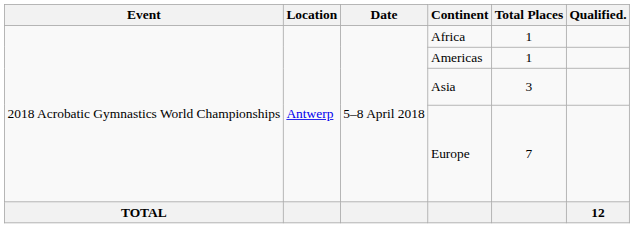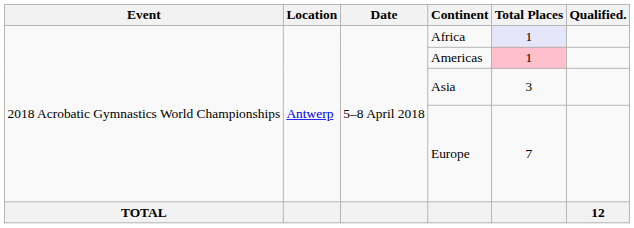 <table class="wikitable">
 <tr>
 <th>Event</th>
 <th>Location</th>
 <th>Date</th>
 <th>Continent</th>
 <th>Total Places</th>
 <th>Qualified.</th>
 </tr>
 <tr>
 <td rowspan=4>2018 Acrobatic Gymnastics World Championships</td>
 <td rowspan=4> <a href='#'>Antwerp</a></td>
 <td rowspan=4>5–8 April 2018</td>
 <td>Africa</td>
-<td align="center">1</td>
+<td align="center" style="background: lavender;">1</td>
 <td></td>
 </tr>
 <tr>
 <td>Americas</td>
-<td align="center">1</td>
+<td align="center" style="background: pink;">1</td>
 <td></td>
 </tr>
 <tr>
 <td>Asia</td>
 <td align="center">3</td>
 <td><br><br></td>
 </tr>
 <tr>
 <td>Europe</td>
 <td align="center">7</td>
 <td><br><br><br><br><br><br></td>
 </tr>
 <tr>
 <th>TOTAL</th>
 <th></th>
 <th></th>
 <th></th>
 <th></th>
 <th>12</th>
 </tr>
 </table>
